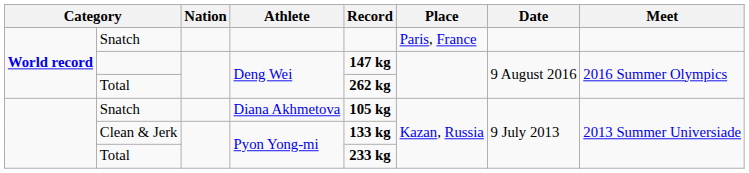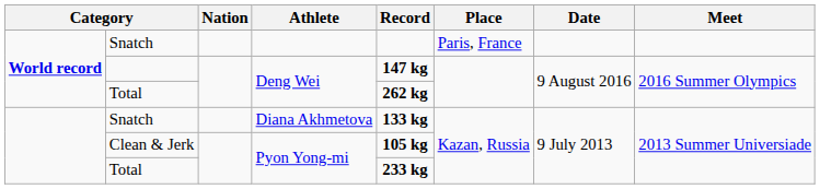 <table class="wikitable" style="text-align:center;">
 <tr>
 <th colspan="2">Category</th>
 <th>Nation</th>
 <th>Athlete</th>
 <th>Record</th>
 <th>Place</th>
 <th>Date</th>
 <th>Meet</th>
 </tr>
 <tr>
 <td rowspan="3"><strong><a href='#'>World record</a></strong></td>
 <td align="left">Snatch</td>
 <td align="left"></td>
 <td align="left"></td>
 <td><strong></strong></td>
 <td align="left"><a href='#'>Paris</a>, <a href='#'>France</a></td>
 <td align="left"></td>
 <td align="left"></td>
 </tr>
 <tr>
 <td align="left"></td>
 <td align="left" rowspan="2"></td>
 <td align="left" rowspan="2"><a href='#'>Deng Wei</a></td>
 <td><strong>147 kg</strong></td>
 <td align="left" rowspan="2"></td>
 <td align="left" rowspan="2">9 August 2016</td>
 <td align="left" rowspan="2"><a href='#'>2016 Summer Olympics</a></td>
 </tr>
 <tr>
 <td align="left">Total</td>
 <td><strong>262 kg</strong></td>
 </tr>
 <tr>
 <td rowspan="3"><strong></strong></td>
 <td align="left">Snatch</td>
 <td align="left"></td>
 <td align="left"><a href='#'>Diana Akhmetova</a></td>
-<td><strong>105 kg</strong></td>
+<td><strong>133 kg</strong></td>
 <td align="left" rowspan="3"><a href='#'>Kazan</a>, <a href='#'>Russia</a></td>
 <td align="left" rowspan="3">9 July 2013</td>
 <td align="left" rowspan="3"><a href='#'>2013 Summer Universiade</a></td>
 </tr>
 <tr>
 <td align="left">Clean & Jerk</td>
 <td align="left" rowspan="2"></td>
 <td align="left" rowspan="2"><a href='#'>Pyon Yong-mi</a></td>
-<td><strong>133 kg</strong></td>
+<td><strong>105 kg</strong></td>
 </tr>
 <tr>
 <td align="left">Total</td>
 <td><strong>233 kg</strong></td>
 </tr>
 </table>
